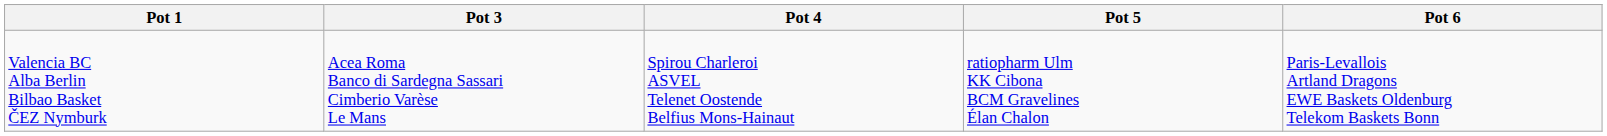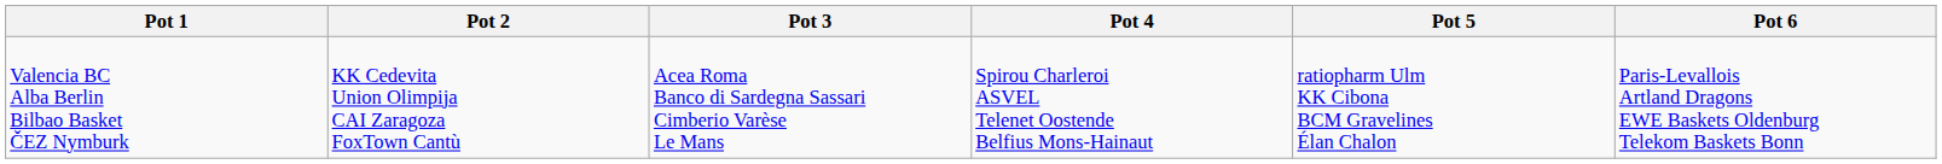 <table class="wikitable" style="width:98%;">
 <tr>
 <th width=16%><strong>Pot 1</strong></th>
+<th width=16%><strong>Pot 2</strong></th>
 <th width=16%><strong>Pot 3</strong></th>
 <th width=16%><strong>Pot 4</strong></th>
 <th width=16%><strong>Pot 5</strong></th>
 <th width=16%><strong>Pot 6</strong></th>
 </tr>
 <tr>
 <td><br> <a href='#'>Valencia BC</a> <br>  <a href='#'>Alba Berlin</a><br>  <a href='#'>Bilbao Basket</a><br>  <a href='#'>ČEZ Nymburk</a><br></td>
+<td><br> <a href='#'>KK Cedevita</a><br>  <a href='#'>Union Olimpija</a><br>  <a href='#'>CAI Zaragoza</a><br>  <a href='#'>FoxTown Cantù</a><br></td>
 <td><br> <a href='#'>Acea Roma</a><br>  <a href='#'>Banco di Sardegna Sassari</a><br>  <a href='#'>Cimberio Varèse</a><br>  <a href='#'>Le Mans</a><br></td>
 <td><br> <a href='#'>Spirou Charleroi</a><br>  <a href='#'>ASVEL</a><br>  <a href='#'>Telenet Oostende</a><br>  <a href='#'>Belfius Mons-Hainaut</a><br></td>
 <td><br> <a href='#'>ratiopharm Ulm</a><br>  <a href='#'>KK Cibona</a><br>  <a href='#'>BCM Gravelines</a><br>  <a href='#'>Élan Chalon</a> <br></td>
 <td><br> <a href='#'>Paris-Levallois</a> <br>  <a href='#'>Artland Dragons</a><br>  <a href='#'>EWE Baskets Oldenburg</a><br>  <a href='#'>Telekom Baskets Bonn</a></td>
 </tr>
 </table>
